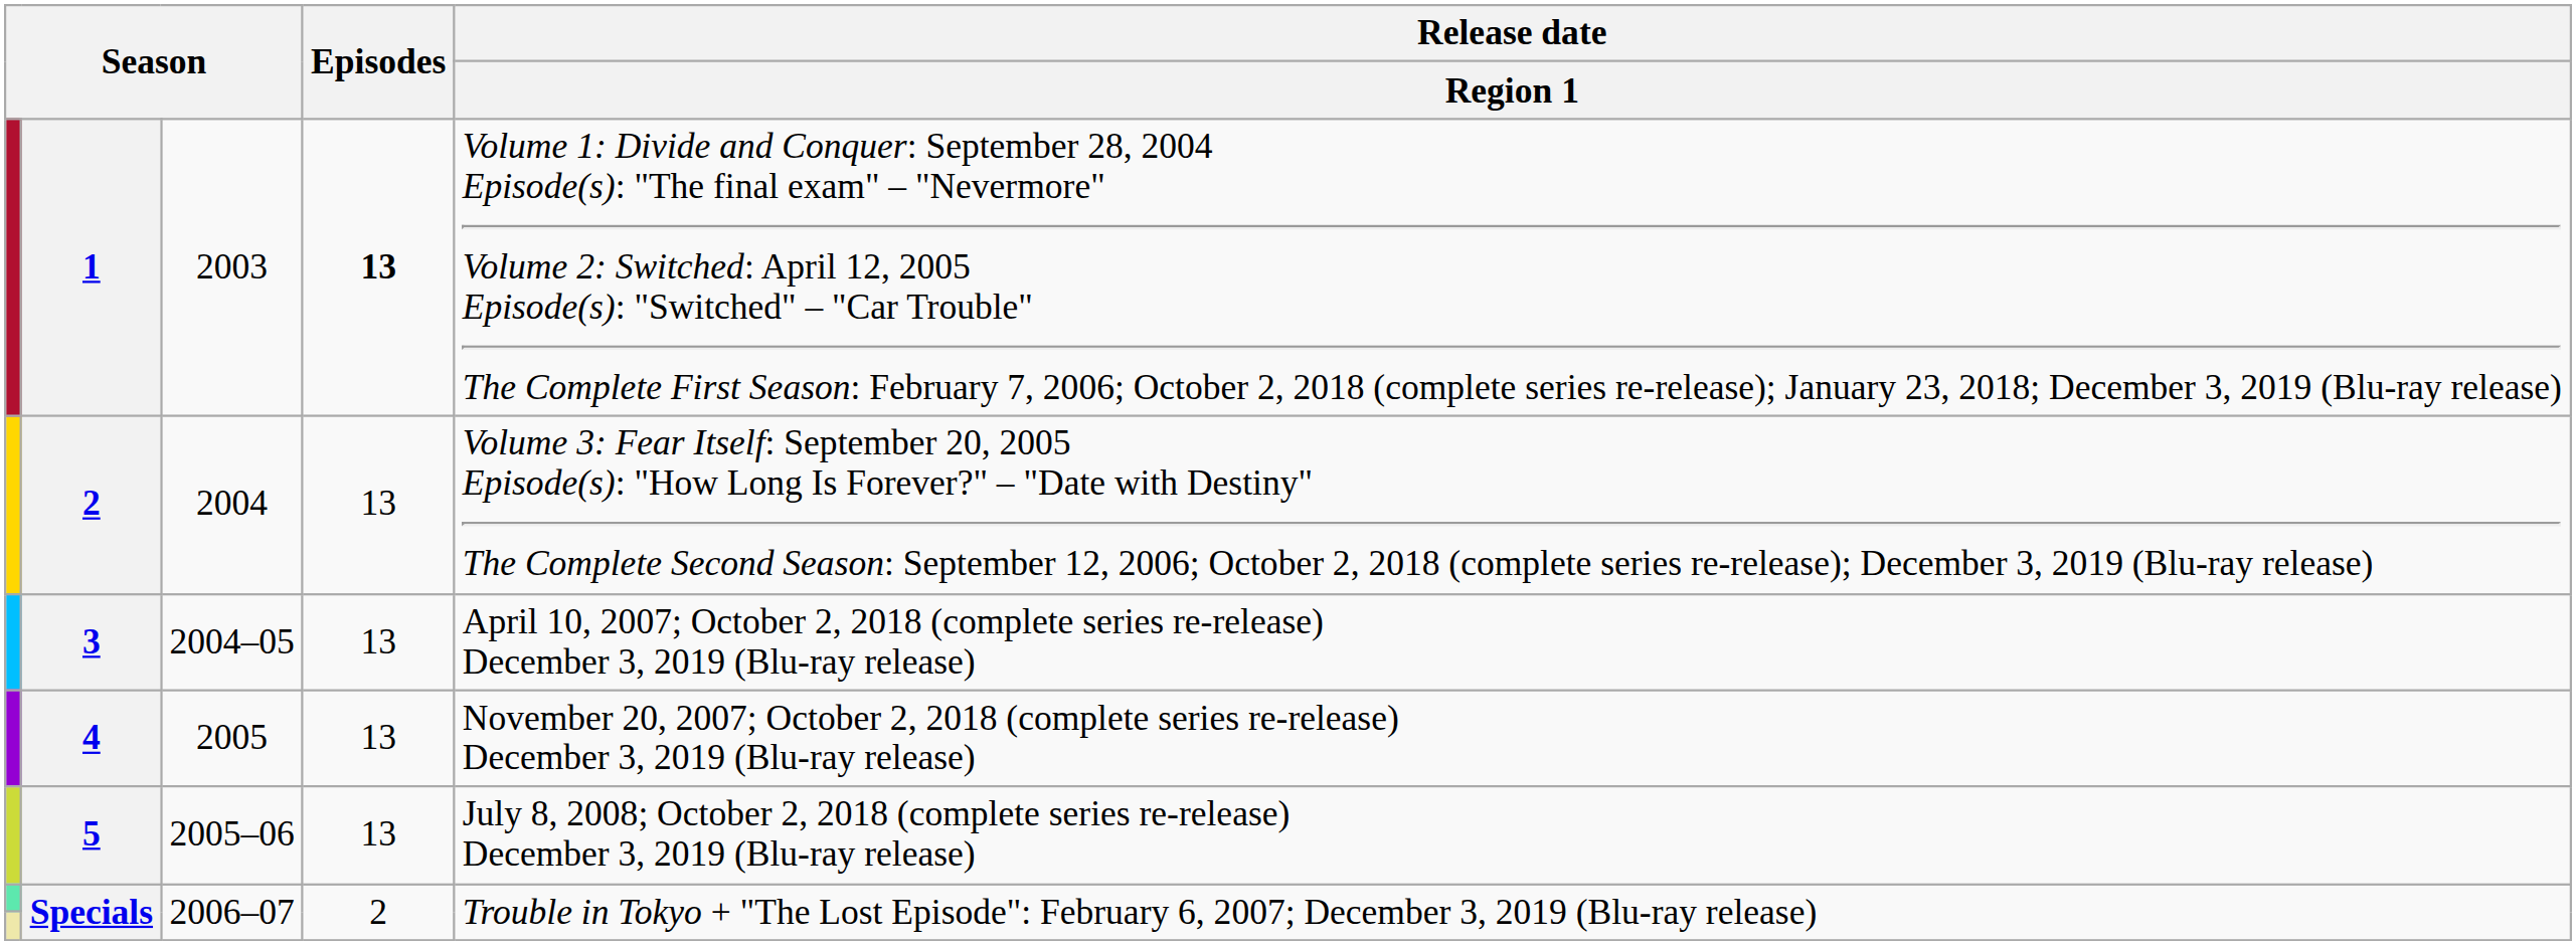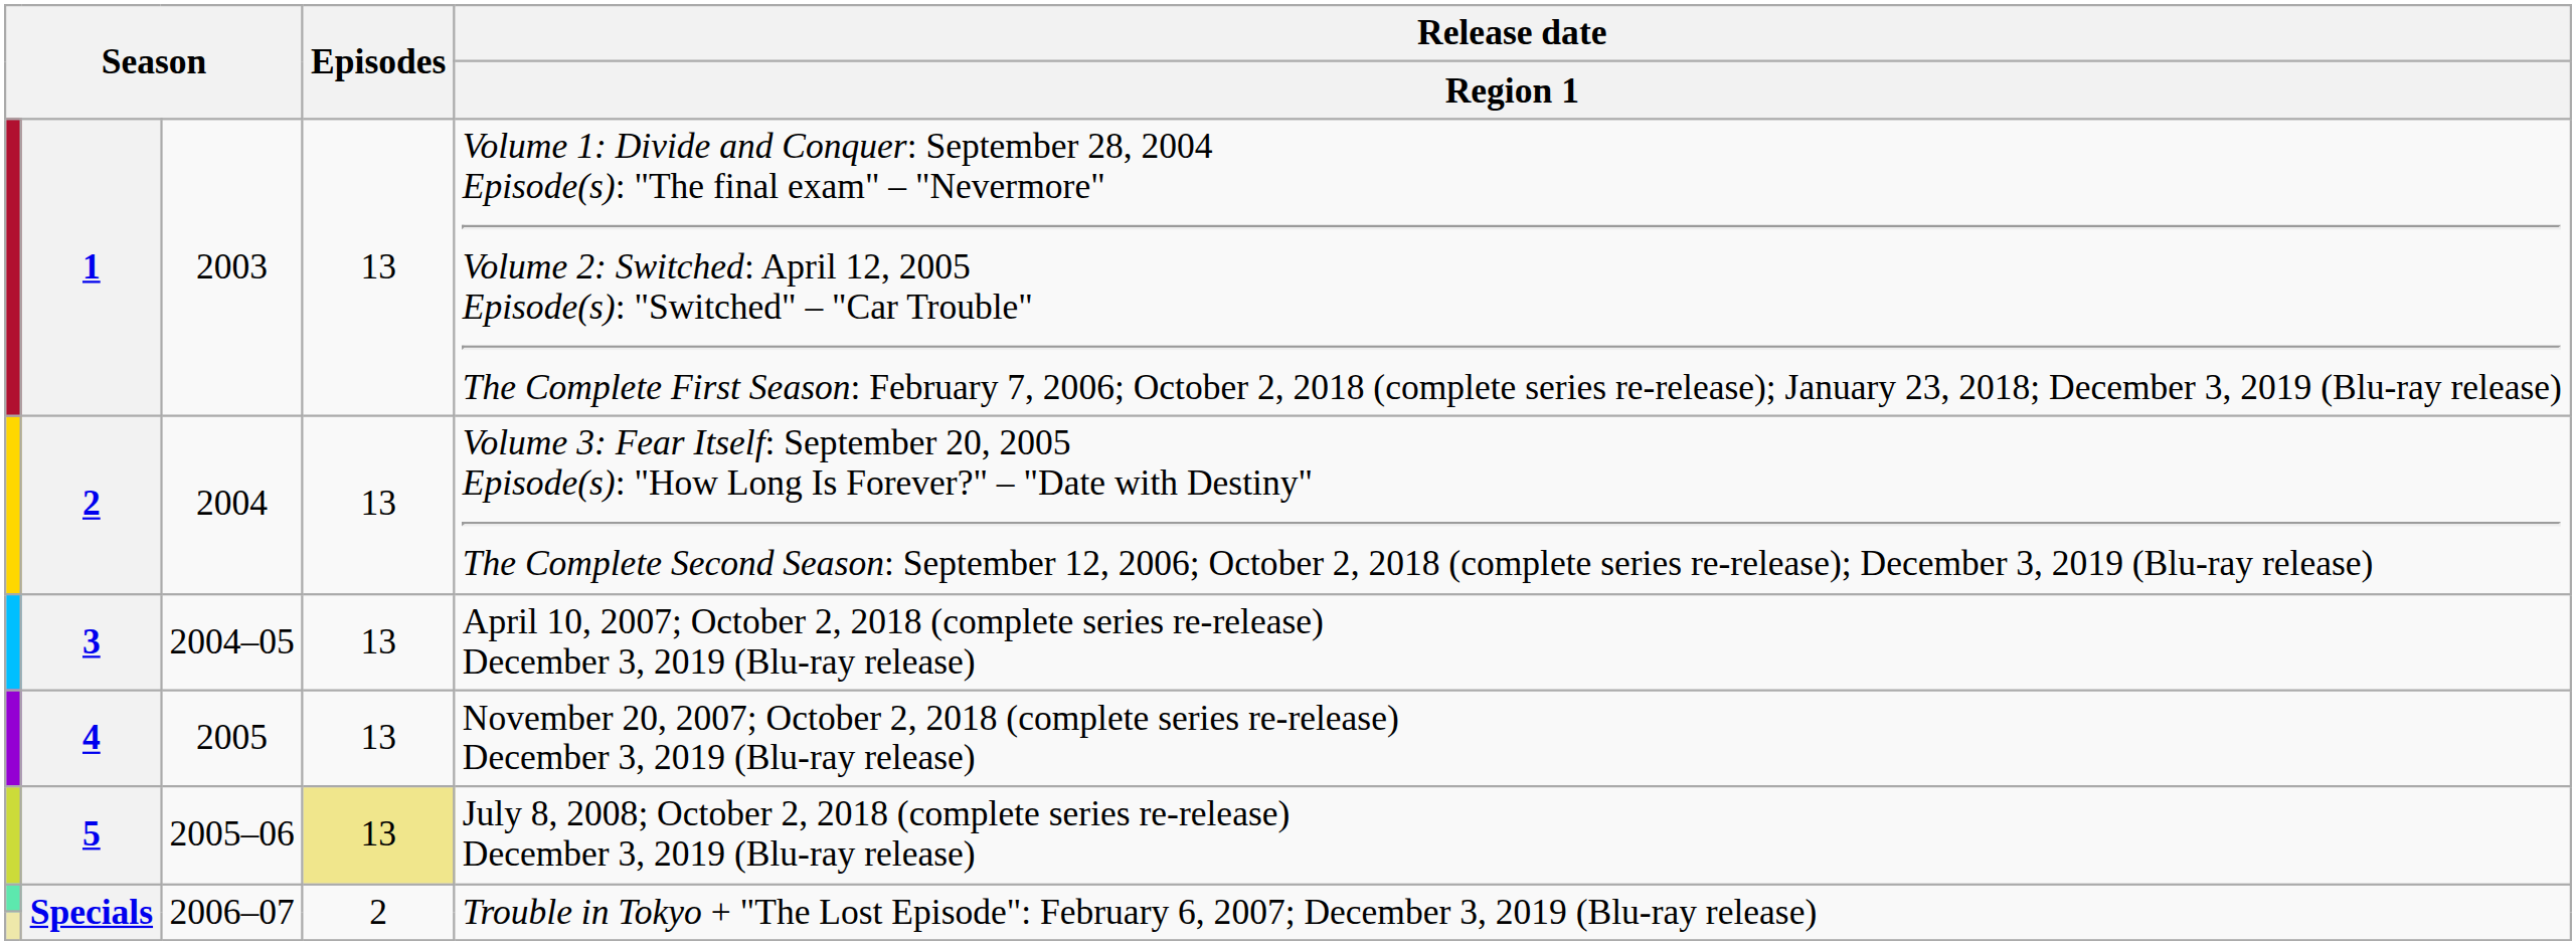 <table class="wikitable" style="text-align: center">
 <tr>
 <th colspan="3" rowspan="2">Season</th>
 <th rowspan="2">Episodes</th>
 <th>Release date</th>
 </tr>
 <tr>
 <th>Region 1</th>
 </tr>
 <tr>
 <th style="background:#B11030"></th>
 <th><a href='#'>1</a></th>
 <td>2003</td>
-<td><strong>13</strong></td>
+<td>13</td>
 <td style="text-align: left"><em>Volume 1: Divide and Conquer</em>: September 28, 2004<br><em>Episode(s)</em>: "The final exam" – "Nevermore"<hr><em>Volume 2: Switched</em>: April 12, 2005<br><em>Episode(s)</em>: "Switched" – "Car Trouble"<hr><em>The Complete First Season</em>: February 7, 2006; October 2, 2018 (complete series re-release); January 23, 2018; December 3, 2019 (Blu-ray release)</td>
 </tr>
 <tr>
 <th style="background:#FFD700"></th>
 <th><a href='#'>2</a></th>
 <td>2004</td>
 <td>13</td>
 <td style="text-align: left"><em>Volume 3: Fear Itself</em>: September 20, 2005<br><em>Episode(s)</em>: "How Long Is Forever?" – "Date with Destiny"<hr><em>The Complete Second Season</em>: September 12, 2006; October 2, 2018 (complete series re-release); December 3, 2019 (Blu-ray release)</td>
 </tr>
 <tr>
 <th style="background:#00BFFF"></th>
 <th><a href='#'>3</a></th>
 <td>2004–05</td>
 <td>13</td>
 <td style="text-align: left">April 10, 2007; October 2, 2018 (complete series re-release)<br>December 3, 2019 (Blu-ray release)</td>
 </tr>
 <tr>
 <th style="background:#9400D3"></th>
 <th><a href='#'>4</a></th>
 <td>2005</td>
 <td>13</td>
 <td style="text-align: left">November 20, 2007; October 2, 2018 (complete series re-release)<br>December 3, 2019 (Blu-ray release)</td>
 </tr>
 <tr>
 <th style="background:#CCDB39"></th>
 <th><a href='#'>5</a></th>
 <td>2005–06</td>
-<td>13</td>
+<td style="background: khaki;">13</td>
 <td style="text-align: left">July 8, 2008; October 2, 2018 (complete series re-release)<br>December 3, 2019 (Blu-ray release)</td>
 </tr>
 <tr>
 <th style="background:#5DE8AE"></th>
 <th rowspan="2"><a href='#'>Specials</a></th>
 <td rowspan="2">2006–07</td>
 <td rowspan="2">2</td>
 <td rowspan="2" style="text-align: left"><em>Trouble in Tokyo</em> + "The Lost Episode": February 6, 2007; December 3, 2019 (Blu-ray release)</td>
 </tr>
 <tr>
 <th style="background:#EEE8AA"></th>
 </tr>
 </table>
